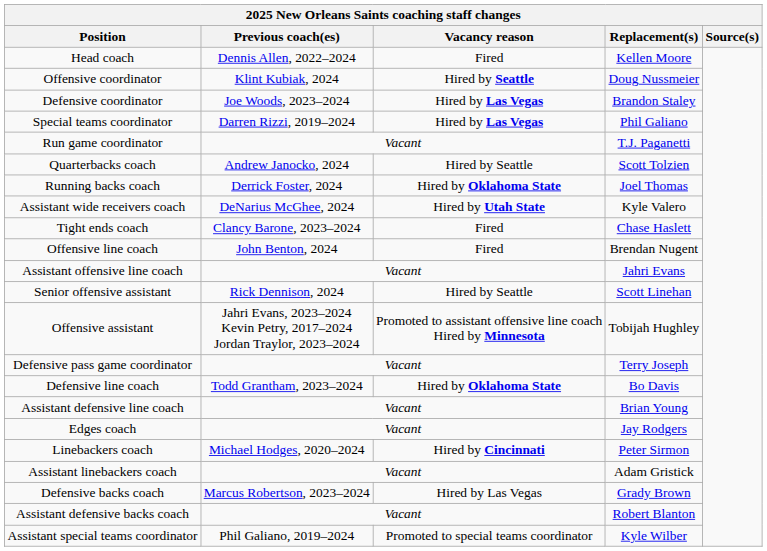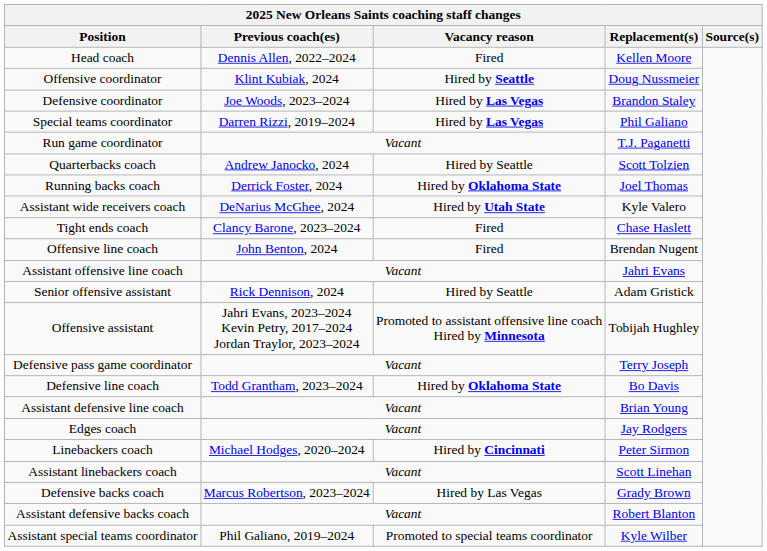 <table class="wikitable" style="text-align:center">
 <tr>
 <th colspan=5>2025 New Orleans Saints coaching staff changes</th>
 </tr>
 <tr>
 <th>Position</th>
 <th>Previous coach(es)</th>
 <th>Vacancy reason</th>
 <th>Replacement(s)</th>
 <th>Source(s)</th>
 </tr>
 <tr>
 <td>Head coach</td>
 <td><a href='#'>Dennis Allen</a>, 2022–2024</td>
 <td>Fired</td>
 <td><a href='#'>Kellen Moore</a></td>
 <td rowspan="22"></td>
 </tr>
 <tr>
 <td>Offensive coordinator</td>
 <td><a href='#'>Klint Kubiak</a>, 2024</td>
 <td>Hired by <a href='#'><strong>Seattle</strong></a></td>
 <td><a href='#'>Doug Nussmeier</a></td>
 </tr>
 <tr>
 <td>Defensive coordinator</td>
 <td><a href='#'>Joe Woods</a>, 2023–2024</td>
 <td>Hired by <a href='#'><strong>Las Vegas</strong></a></td>
 <td><a href='#'>Brandon Staley</a></td>
 </tr>
 <tr>
 <td>Special teams coordinator</td>
 <td><a href='#'>Darren Rizzi</a>, 2019–2024</td>
 <td>Hired by <a href='#'><strong>Las Vegas</strong></a></td>
 <td><a href='#'>Phil Galiano</a></td>
 </tr>
 <tr>
 <td>Run game coordinator</td>
 <td colspan="2"><em>Vacant</em></td>
 <td><a href='#'>T.J. Paganetti</a></td>
 </tr>
 <tr>
 <td>Quarterbacks coach</td>
 <td><a href='#'>Andrew Janocko</a>, 2024</td>
 <td>Hired by Seattle</td>
 <td><a href='#'>Scott Tolzien</a></td>
 </tr>
 <tr>
 <td>Running backs coach</td>
 <td><a href='#'>Derrick Foster</a>, 2024</td>
 <td>Hired by <strong><a href='#'>Oklahoma State</a></strong></td>
 <td><a href='#'>Joel Thomas</a></td>
 </tr>
 <tr>
 <td>Assistant wide receivers coach</td>
 <td><a href='#'>DeNarius McGhee</a>, 2024</td>
 <td>Hired by <a href='#'><strong>Utah State</strong></a></td>
 <td>Kyle Valero</td>
 </tr>
 <tr>
 <td>Tight ends coach</td>
 <td><a href='#'>Clancy Barone</a>, 2023–2024</td>
 <td>Fired</td>
 <td><a href='#'>Chase Haslett</a></td>
 </tr>
 <tr>
 <td>Offensive line coach</td>
 <td><a href='#'>John Benton</a>, 2024</td>
 <td>Fired</td>
 <td>Brendan Nugent</td>
 </tr>
 <tr>
 <td>Assistant offensive line coach</td>
 <td colspan="2"><em>Vacant</em></td>
 <td><a href='#'>Jahri Evans</a></td>
 </tr>
 <tr>
 <td>Senior offensive assistant</td>
 <td><a href='#'>Rick Dennison</a>, 2024</td>
 <td>Hired by Seattle</td>
-<td><a href='#'>Scott Linehan</a></td>
+<td>Adam Gristick</td>
 </tr>
 <tr>
 <td>Offensive assistant</td>
 <td>Jahri Evans, 2023–2024<br>Kevin Petry, 2017–2024<br>Jordan Traylor, 2023–2024</td>
 <td>Promoted to assistant offensive line coach<br>Hired by <strong><a href='#'>Minnesota</a></strong></td>
 <td>Tobijah Hughley</td>
 </tr>
 <tr>
 <td>Defensive pass game coordinator</td>
 <td colspan="2"><em>Vacant</em></td>
 <td><a href='#'>Terry Joseph</a></td>
 </tr>
 <tr>
 <td>Defensive line coach</td>
 <td><a href='#'>Todd Grantham</a>, 2023–2024</td>
 <td>Hired by <strong><a href='#'>Oklahoma State</a></strong></td>
 <td><a href='#'>Bo Davis</a></td>
 </tr>
 <tr>
 <td>Assistant defensive line coach</td>
 <td colspan="2"><em>Vacant</em></td>
 <td><a href='#'>Brian Young</a></td>
 </tr>
 <tr>
 <td>Edges coach</td>
 <td colspan="2"><em>Vacant</em></td>
 <td><a href='#'>Jay Rodgers</a></td>
 </tr>
 <tr>
 <td>Linebackers coach</td>
 <td><a href='#'>Michael Hodges</a>, 2020–2024</td>
 <td>Hired by <strong><a href='#'>Cincinnati</a></strong></td>
 <td><a href='#'>Peter Sirmon</a></td>
 </tr>
 <tr>
 <td>Assistant linebackers coach</td>
 <td colspan="2"><em>Vacant</em></td>
-<td>Adam Gristick</td>
+<td><a href='#'>Scott Linehan</a></td>
 </tr>
 <tr>
 <td>Defensive backs coach</td>
 <td><a href='#'>Marcus Robertson</a>, 2023–2024</td>
 <td>Hired by Las Vegas</td>
 <td><a href='#'>Grady Brown</a></td>
 </tr>
 <tr>
 <td>Assistant defensive backs coach</td>
 <td colspan="2"><em>Vacant</em></td>
 <td><a href='#'>Robert Blanton</a></td>
 </tr>
 <tr>
 <td>Assistant special teams coordinator</td>
 <td>Phil Galiano, 2019–2024</td>
 <td>Promoted to special teams coordinator</td>
 <td><a href='#'>Kyle Wilber</a></td>
 </tr>
 </table>
